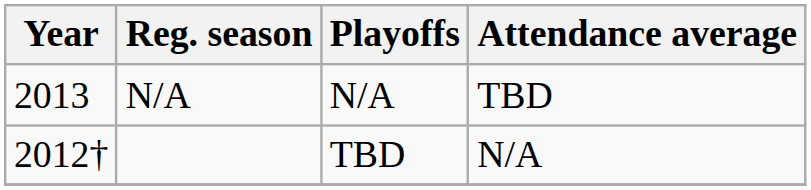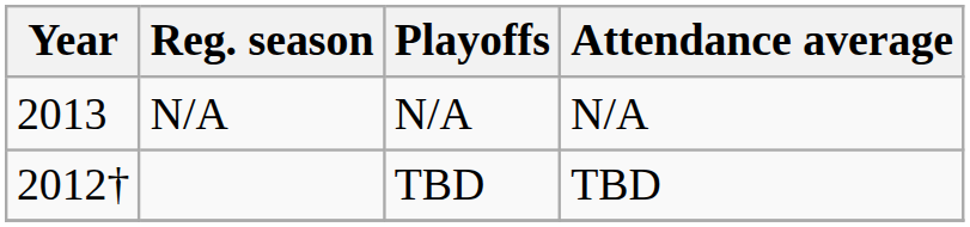 <table class="wikitable">
 <tr>
 <th>Year</th>
 <th>Reg. season</th>
 <th>Playoffs</th>
 <th>Attendance average</th>
 </tr>
 <tr>
 <td>2013</td>
 <td>N/A</td>
 <td>N/A</td>
-<td>TBD</td>
+<td>N/A</td>
 </tr>
 <tr>
 <td>2012†</td>
 <td></td>
 <td>TBD</td>
-<td>N/A</td>
+<td>TBD</td>
 </tr>
 <tr>
 </tr>
 </table>
